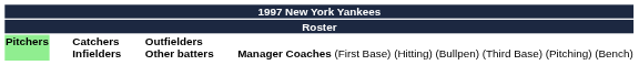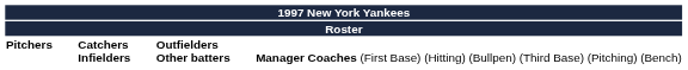 <table class="toccolours" style="font-size: 95%;">
 <tr>
 <th colspan="10" style="background-color: #1c2841; color: white; text-align: center;">1997 New York Yankees</th>
 </tr>
 <tr>
 <td colspan="10" style="background-color:#1c2841; color: white; text-align: center;"><strong>Roster</strong></td>
 </tr>
 <tr>
-<td valign="top" style="background: lightgreen;"><strong>Pitchers</strong><br>                </td>
+<td valign="top"><strong>Pitchers</strong><br>                </td>
 <td width="25px"></td>
 <td valign="top"><strong>Catchers</strong><br>   <strong>Infielders</strong>             </td>
 <td width="25px"></td>
 <td valign="top"><strong>Outfielders</strong><br>       <strong>Other batters</strong> </td>
 <td width="25px"></td>
 <td valign="top"><br><strong>Manager</strong>  <strong>Coaches</strong>  (First Base)  (Hitting)  (Bullpen)  (Third Base)  (Pitching)  (Bench)</td>
 </tr>
 </table>
